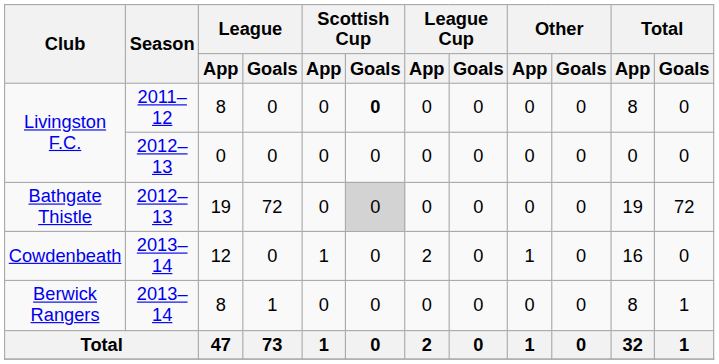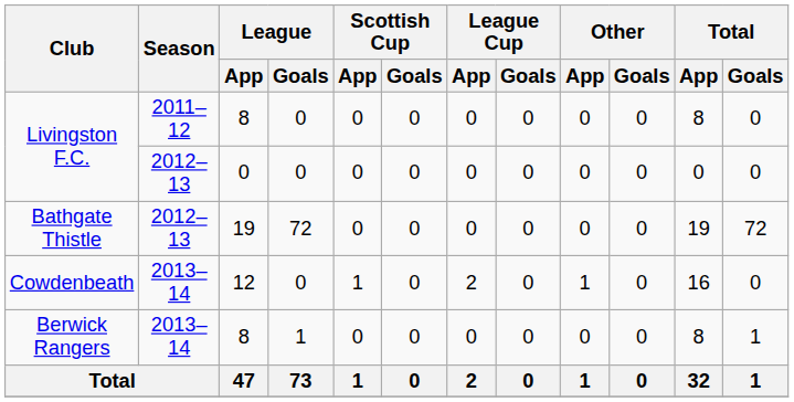 <table class="wikitable">
 <tr>
 <th rowspan=2>Club</th>
 <th rowspan=2>Season</th>
 <th colspan=2>League</th>
 <th colspan=2>Scottish Cup</th>
 <th colspan=2>League Cup</th>
 <th colspan=2>Other</th>
 <th colspan=2>Total</th>
 </tr>
 <tr>
 <th>App</th>
 <th>Goals</th>
 <th>App</th>
 <th>Goals</th>
 <th>App</th>
 <th>Goals</th>
 <th>App</th>
 <th>Goals</th>
 <th>App</th>
 <th>Goals</th>
 </tr>
 <tr align=center>
 <td rowspan=2><a href='#'>Livingston F.C.</a></td>
 <td><a href='#'>2011–12</a></td>
 <td>8</td>
 <td>0</td>
 <td>0</td>
-<td><strong>0</strong></td>
+<td>0</td>
 <td>0</td>
 <td>0</td>
 <td>0</td>
 <td>0</td>
 <td>8</td>
 <td>0</td>
 </tr>
 <tr align=center>
 <td><a href='#'>2012–13</a></td>
 <td>0</td>
 <td>0</td>
 <td>0</td>
 <td>0</td>
 <td>0</td>
 <td>0</td>
 <td>0</td>
 <td>0</td>
 <td>0</td>
 <td>0</td>
 </tr>
 <tr align=center>
 <td rowspan=1><a href='#'>Bathgate Thistle</a></td>
 <td><a href='#'>2012–13</a></td>
 <td>19</td>
 <td>72</td>
 <td>0</td>
-<td style="background: lightgrey;">0</td>
+<td>0</td>
 <td>0</td>
 <td>0</td>
 <td>0</td>
 <td>0</td>
 <td>19</td>
 <td>72</td>
 </tr>
 <tr align=center>
 <td rowspan=1><a href='#'>Cowdenbeath</a></td>
 <td><a href='#'>2013–14</a></td>
 <td>12</td>
 <td>0</td>
 <td>1</td>
 <td>0</td>
 <td>2</td>
 <td>0</td>
 <td>1</td>
 <td>0</td>
 <td>16</td>
 <td>0</td>
 </tr>
 <tr align=center>
 <td rowspan=1><a href='#'>Berwick Rangers</a></td>
 <td><a href='#'>2013–14</a></td>
 <td>8</td>
 <td>1</td>
 <td>0</td>
 <td>0</td>
 <td>0</td>
 <td>0</td>
 <td>0</td>
 <td>0</td>
 <td>8</td>
 <td>1</td>
 </tr>
 <tr align=center>
 <th colspan=2>Total</th>
 <th>47</th>
 <th>73</th>
 <th>1</th>
 <th>0</th>
 <th>2</th>
 <th>0</th>
 <th>1</th>
 <th>0</th>
 <th>32</th>
 <th>1</th>
 </tr>
 <tr>
 </tr>
 </table>
